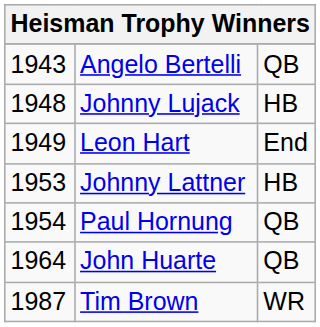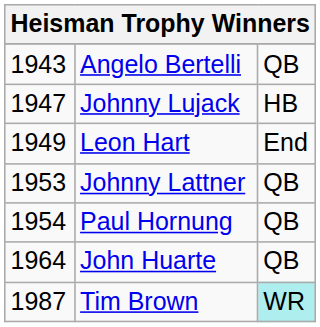 <table class="wikitable">
 <tr>
 <th colspan=9>Heisman Trophy Winners</th>
 </tr>
 <tr>
 </tr>
 <tr>
 <td>1943</td>
 <td><a href='#'>Angelo Bertelli</a></td>
 <td>QB</td>
 </tr>
 <tr>
-<td>1948</td>
+<td>1947</td>
 <td><a href='#'>Johnny Lujack</a></td>
 <td>HB</td>
 </tr>
 <tr>
 <td>1949</td>
 <td><a href='#'>Leon Hart</a></td>
 <td>End</td>
 </tr>
 <tr>
 <td>1953</td>
 <td><a href='#'>Johnny Lattner</a></td>
-<td>HB</td>
+<td>QB</td>
 </tr>
 <tr>
 <td>1954</td>
 <td><a href='#'>Paul Hornung</a></td>
 <td>QB</td>
 </tr>
 <tr>
 <td>1964</td>
 <td><a href='#'>John Huarte</a></td>
 <td>QB</td>
 </tr>
 <tr>
 <td>1987</td>
 <td><a href='#'>Tim Brown</a></td>
-<td>WR</td>
+<td style="background: paleturquoise;">WR</td>
 </tr>
 </table>
